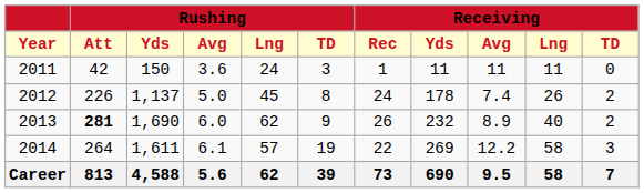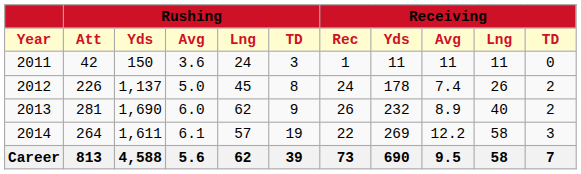 <table class=wikitable style="text-align:center">
 <tr>
 <th colspan="1" style="background:#CE1126;"></th>
 <th colspan="5" style="background:#CE1126;"><span>Rushing</span></th>
 <th colspan="5" style="background:#CE1126;"><span>Receiving</span></th>
 </tr>
 <tr>
 <th style="width:40px; background:#fffdd0; color:#CE1126;">Year</th>
 <th style="width:40px; background:#fffdd0; color:#CE1126;">Att</th>
 <th style="width:40px; background:#fffdd0; color:#CE1126;">Yds</th>
 <th style="width:40px; background:#fffdd0; color:#CE1126;">Avg</th>
 <th style="width:40px; background:#fffdd0; color:#CE1126;">Lng</th>
 <th style="width:40px; background:#fffdd0; color:#CE1126;">TD</th>
 <th style="width:40px; background:#fffdd0; color:#CE1126;">Rec</th>
 <th style="width:40px; background:#fffdd0; color:#CE1126;">Yds</th>
 <th style="width:40px; background:#fffdd0; color:#CE1126;">Avg</th>
 <th style="width:40px; background:#fffdd0; color:#CE1126;">Lng</th>
 <th style="width:40px; background:#fffdd0; color:#CE1126;">TD</th>
 </tr>
 <tr>
 <td>2011</td>
 <td>42</td>
 <td>150</td>
 <td>3.6</td>
 <td>24</td>
 <td>3</td>
 <td>1</td>
 <td>11</td>
 <td>11</td>
 <td>11</td>
 <td>0</td>
 </tr>
 <tr>
 <td>2012</td>
 <td>226</td>
 <td>1,137</td>
 <td>5.0</td>
 <td>45</td>
 <td>8</td>
 <td>24</td>
 <td>178</td>
 <td>7.4</td>
 <td>26</td>
 <td>2</td>
 </tr>
 <tr>
 <td>2013</td>
-<td><strong>281</strong></td>
+<td>281</td>
 <td>1,690</td>
 <td>6.0</td>
 <td>62</td>
 <td>9</td>
 <td>26</td>
 <td>232</td>
 <td>8.9</td>
 <td>40</td>
 <td>2</td>
 </tr>
 <tr>
 <td>2014</td>
 <td>264</td>
 <td>1,611</td>
 <td>6.1</td>
 <td>57</td>
 <td>19</td>
 <td>22</td>
 <td>269</td>
 <td>12.2</td>
 <td>58</td>
 <td>3</td>
 </tr>
 <tr>
 <th>Career</th>
 <th>813</th>
 <th>4,588</th>
 <th>5.6</th>
 <th>62</th>
 <th>39</th>
 <th>73</th>
 <th>690</th>
 <th>9.5</th>
 <th>58</th>
 <th>7</th>
 </tr>
 </table>
